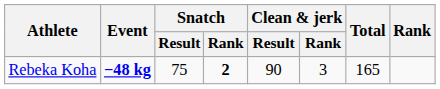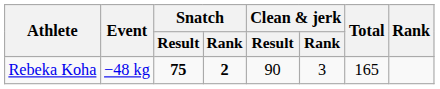 <table class="wikitable" style="font-size:90%">
 <tr>
 <th rowspan="2">Athlete</th>
 <th rowspan="2">Event</th>
 <th colspan="2">Snatch</th>
 <th colspan="2">Clean & jerk</th>
 <th rowspan="2">Total</th>
 <th rowspan="2">Rank</th>
 </tr>
 <tr style="font-size:95%">
 <th>Result</th>
 <th>Rank</th>
 <th>Result</th>
 <th>Rank</th>
 </tr>
 <tr align=center>
 <td align=left><a href='#'>Rebeka Koha</a></td>
-<td align=left><strong><a href='#'>−48 kg</a></strong></td>
-<td>75</td>
+<td align=left><a href='#'>−48 kg</a></td>
+<td><strong>75</strong></td>
 <td><strong>2</strong></td>
 <td>90</td>
 <td>3</td>
 <td>165</td>
 <td></td>
 </tr>
 </table>
